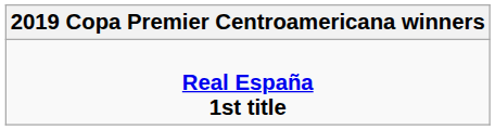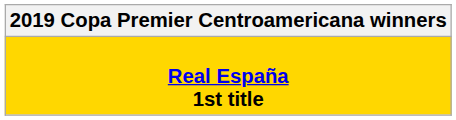 <table class="wikitable" border="1" style="text-align: center; margin: 0 auto;">
 <tr>
 <th>2019 Copa Premier Centroamericana winners</th>
 </tr>
 <tr>
-<td align="center"><br><strong><a href='#'>Real España</a><br>1st title</strong></td>
+<td align="center" style="background: gold;"><br><strong><a href='#'>Real España</a><br>1st title</strong></td>
 </tr>
 </table>
